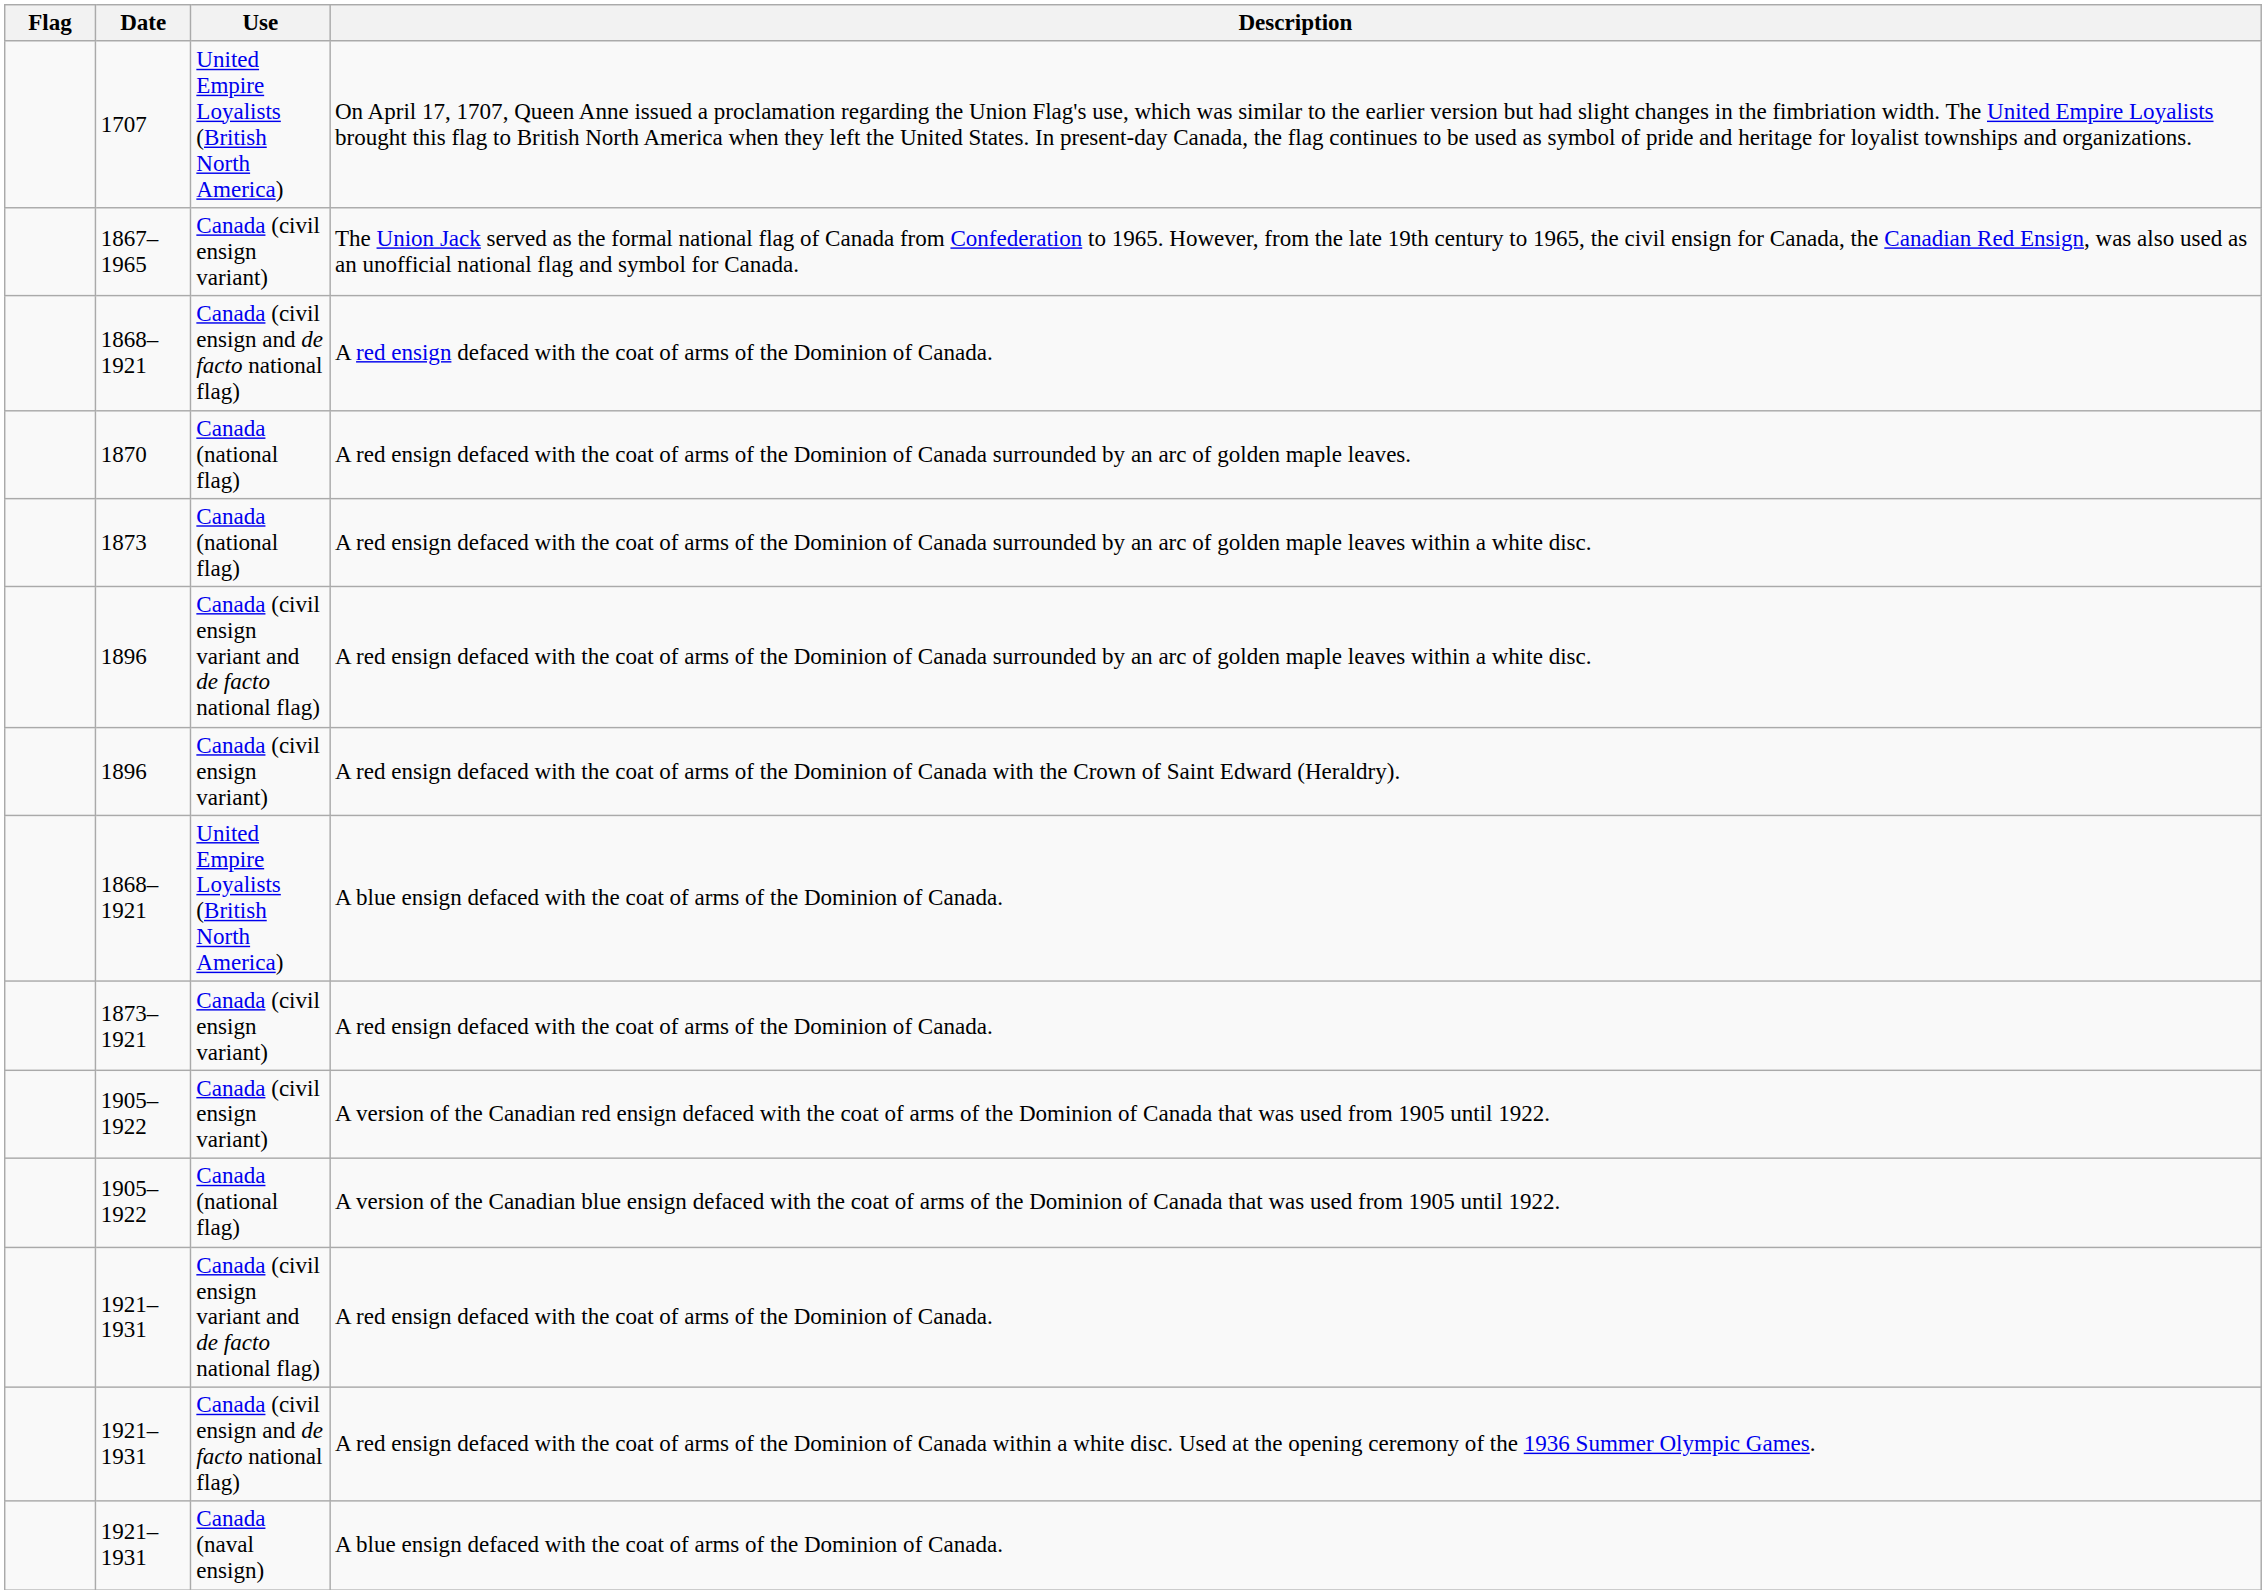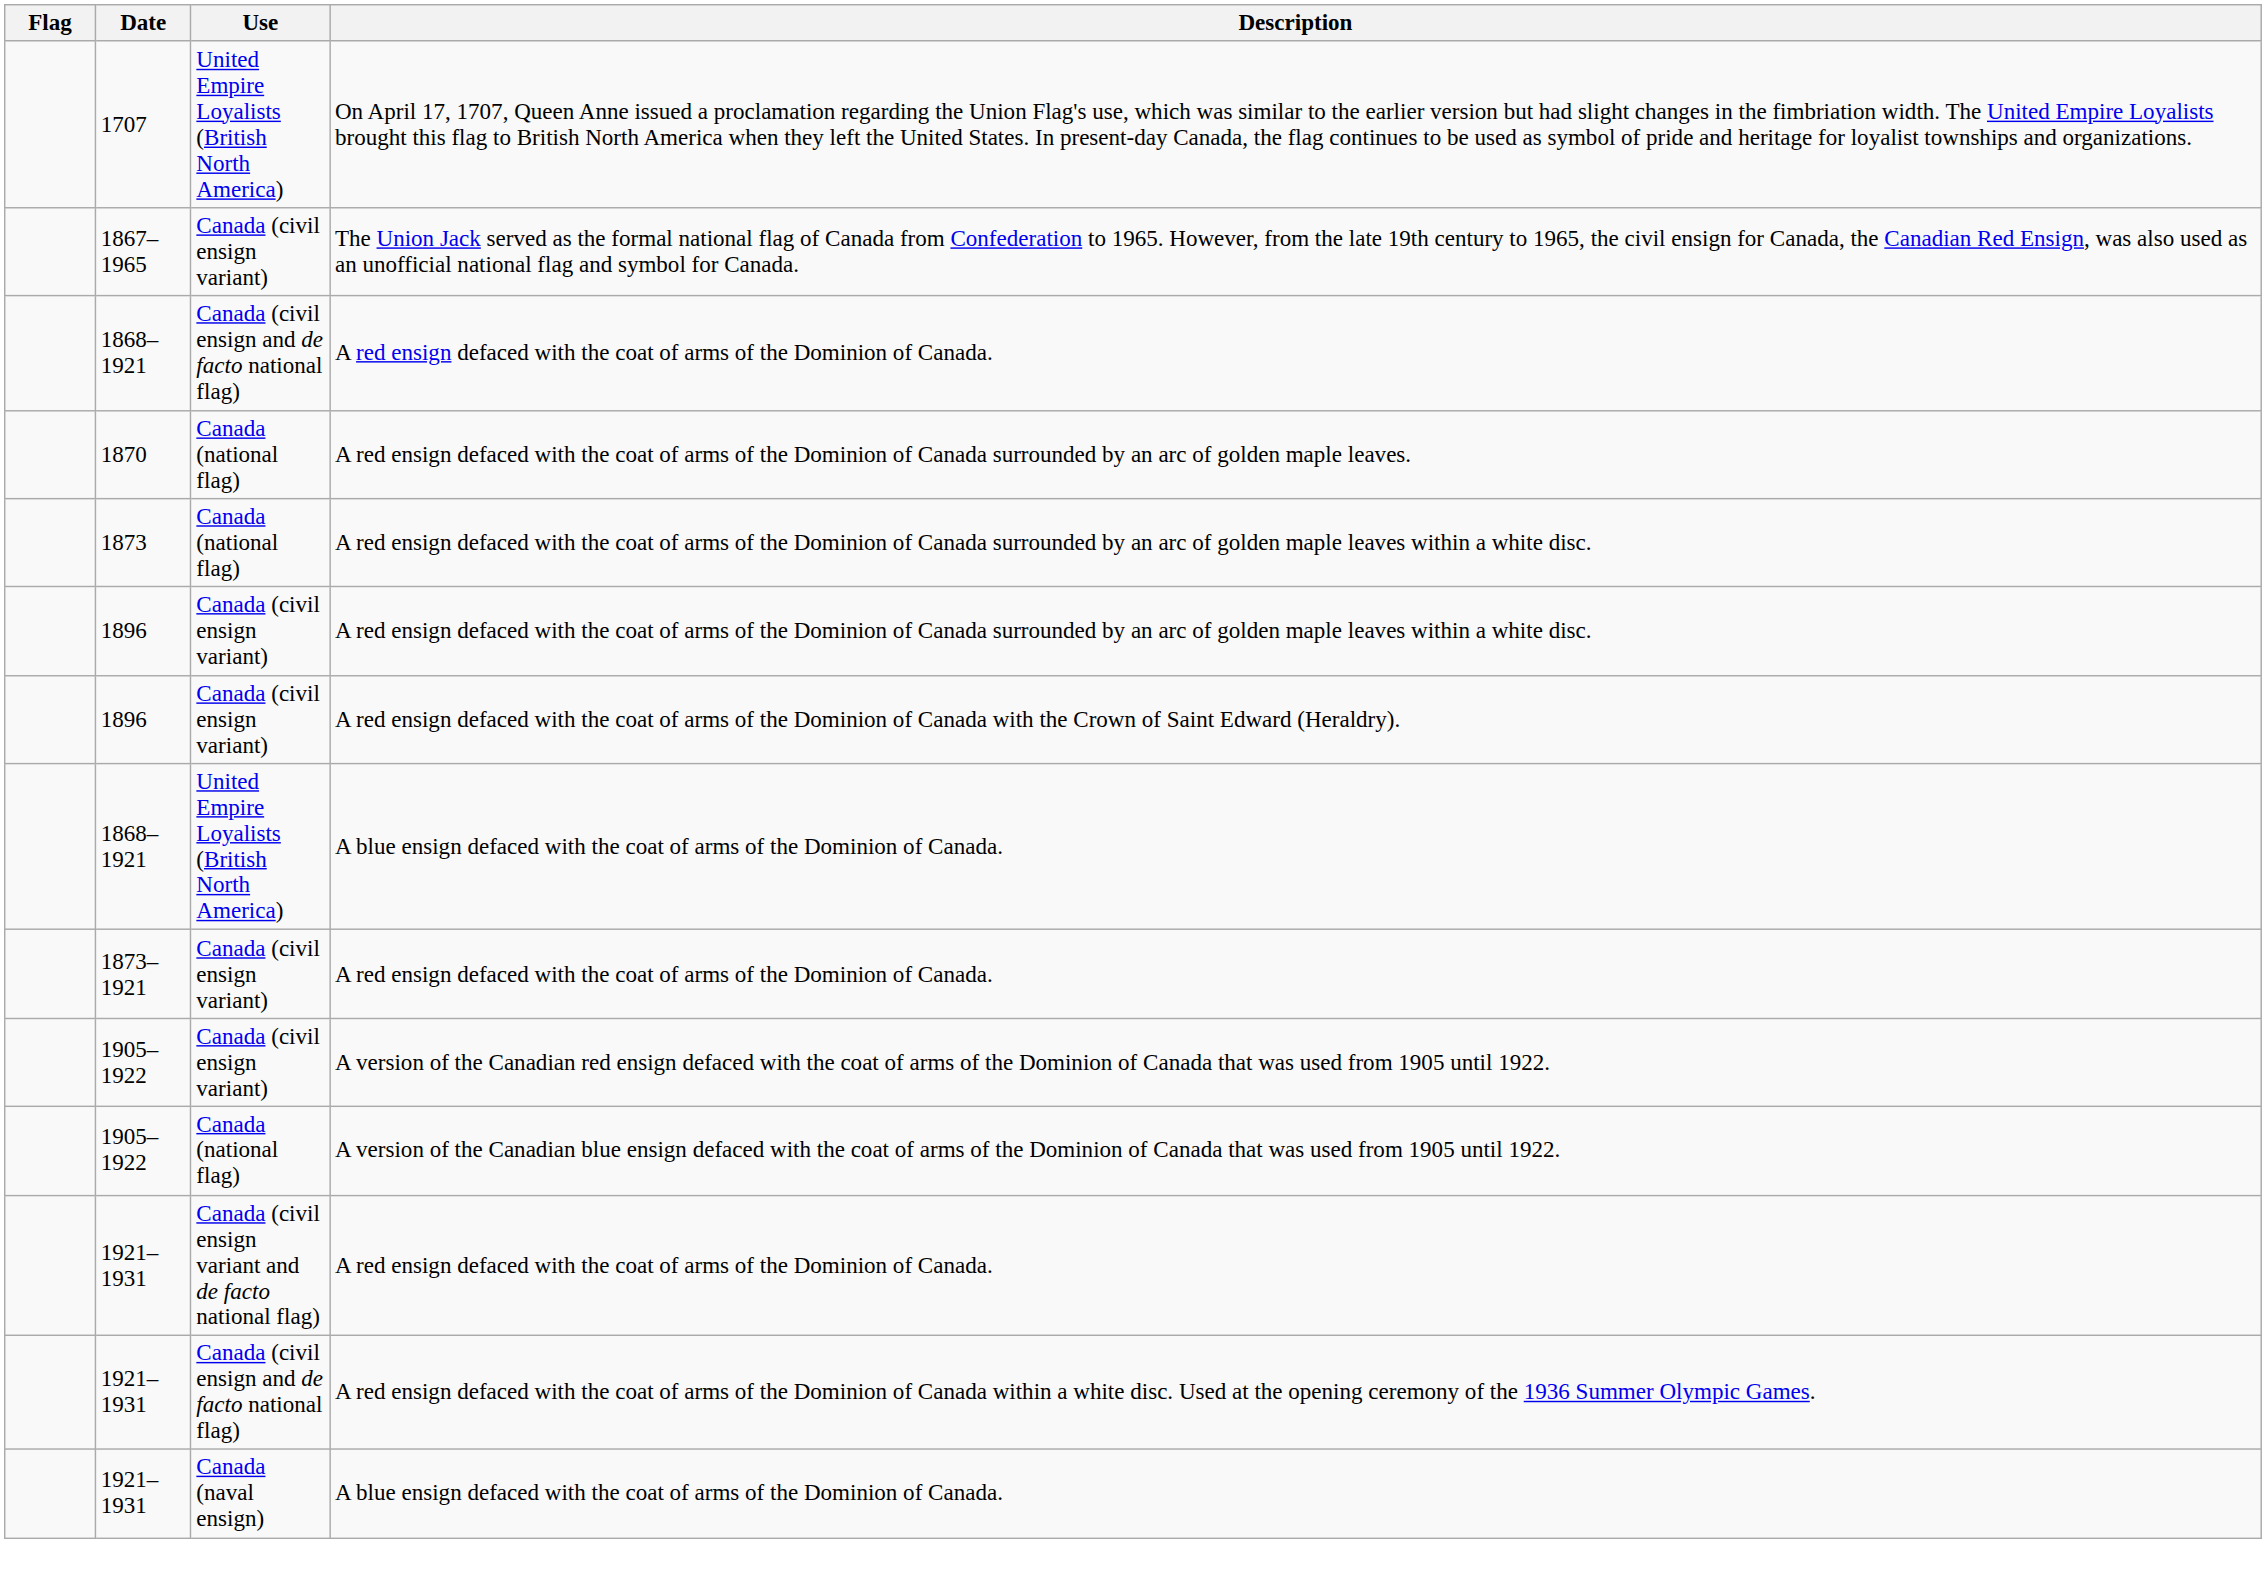 <table class="wikitable">
 <tr style="background:#efefef;">
 <th style="width:110px;">Flag</th>
 <th style="width:100px;">Date</th>
 <th style="width:150px;">Use</th>
 <th style="width:4000px;">Description</th>
 </tr>
 <tr>
 <td></td>
 <td>1707</td>
 <td><a href='#'>United Empire Loyalists</a> (<a href='#'>British North America</a>)</td>
 <td>On April 17, 1707, Queen Anne issued a proclamation regarding the Union Flag's use, which was similar to the earlier version but had slight changes in the fimbriation width. The <a href='#'>United Empire Loyalists</a> brought this flag to British North America when they left the United States. In present-day Canada, the flag continues to be used as symbol of pride and heritage for loyalist townships and organizations.</td>
 </tr>
 <tr>
 <td></td>
 <td>1867–1965</td>
 <td><a href='#'>Canada</a> (civil ensign variant)</td>
 <td>The <a href='#'>Union Jack</a> served as the formal national flag of Canada from <a href='#'>Confederation</a> to 1965. However, from the late 19th century to 1965, the civil ensign for Canada, the <a href='#'>Canadian Red Ensign</a>, was also used as an unofficial national flag and symbol for Canada.</td>
 </tr>
 <tr>
 <td></td>
 <td>1868–1921</td>
 <td><a href='#'>Canada</a> (civil ensign and <em>de facto</em> national flag)</td>
 <td>A <a href='#'>red ensign</a> defaced with the coat of arms of the Dominion of Canada.</td>
 </tr>
 <tr>
 <td></td>
 <td>1870</td>
 <td><a href='#'>Canada</a> (national flag)</td>
 <td>A red ensign defaced with the coat of arms of the Dominion of Canada surrounded by an arc of golden maple leaves.</td>
 </tr>
 <tr>
 <td></td>
 <td>1873</td>
 <td><a href='#'>Canada</a> (national flag)</td>
 <td>A red ensign defaced with the coat of arms of the Dominion of Canada surrounded by an arc of golden maple leaves within a white disc.</td>
 </tr>
 <tr>
 <td></td>
 <td>1896</td>
-<td><a href='#'>Canada</a> (civil ensign variant and <em>de facto</em> national flag)</td>
+<td><a href='#'>Canada</a> (civil ensign variant)</td>
 <td>A red ensign defaced with the coat of arms of the Dominion of Canada surrounded by an arc of golden maple leaves within a white disc.</td>
 </tr>
 <tr>
 <td></td>
 <td>1896</td>
 <td><a href='#'>Canada</a> (civil ensign variant)</td>
 <td>A red ensign defaced with the coat of arms of the Dominion of Canada with the Crown of Saint Edward (Heraldry).</td>
 </tr>
 <tr>
 <td></td>
 <td>1868–1921</td>
 <td><a href='#'>United Empire Loyalists</a> (<a href='#'>British North America</a>)</td>
 <td>A blue ensign defaced with the coat of arms of the Dominion of Canada.</td>
 </tr>
 <tr>
 <td></td>
 <td>1873–1921</td>
 <td><a href='#'>Canada</a> (civil ensign variant)</td>
 <td>A red ensign defaced with the coat of arms of the Dominion of Canada.</td>
 </tr>
 <tr>
 <td></td>
 <td>1905–1922</td>
 <td><a href='#'>Canada</a> (civil ensign variant)</td>
 <td>A version of the Canadian red ensign defaced with the coat of arms of the Dominion of Canada that was used from 1905 until 1922.</td>
 </tr>
 <tr>
 <td></td>
 <td>1905–1922</td>
 <td><a href='#'>Canada</a> (national flag)</td>
 <td>A version of the Canadian blue ensign defaced with the coat of arms of the Dominion of Canada that was used from 1905 until 1922.</td>
 </tr>
 <tr>
 <td></td>
 <td>1921–1931</td>
 <td><a href='#'>Canada</a> (civil ensign variant and <em>de facto</em> national flag)</td>
 <td>A red ensign defaced with the coat of arms of the Dominion of Canada.</td>
 </tr>
 <tr>
 <td></td>
 <td>1921–1931</td>
 <td><a href='#'>Canada</a> (civil ensign and <em>de facto</em> national flag)</td>
 <td>A red ensign defaced with the coat of arms of the Dominion of Canada within a white disc. Used at the opening ceremony of the <a href='#'>1936 Summer Olympic Games</a>.</td>
 </tr>
 <tr>
 <td></td>
 <td>1921–1931</td>
 <td><a href='#'>Canada</a> (naval ensign)</td>
 <td>A blue ensign defaced with the coat of arms of the Dominion of Canada.</td>
 </tr>
 </table>
